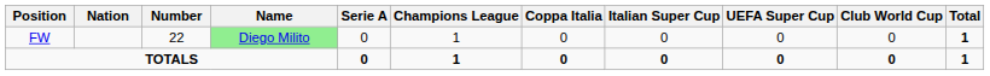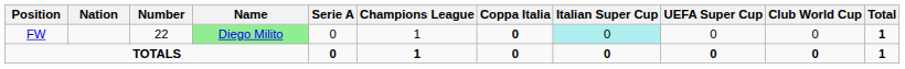 <table class="wikitable sortable" style="font-size: 95%; text-align: center;">
 <tr>
 <th width="7%"><strong>Position</strong></th>
 <th width="7%"><strong>Nation</strong></th>
 <th width="7%"><strong>Number</strong></th>
 <th width="13%"><strong>Name</strong></th>
 <th>Serie A</th>
 <th>Champions League</th>
 <th>Coppa Italia</th>
 <th>Italian Super Cup</th>
 <th>UEFA Super Cup</th>
 <th>Club World Cup</th>
 <th>Total</th>
 </tr>
 <tr>
 <td><a href='#'>FW</a></td>
 <td></td>
 <td>22</td>
 <td style="background: lightgreen;"><a href='#'>Diego Milito</a></td>
 <td>0 </td>
 <td>1 </td>
-<td>0 </td>
-<td>0 </td>
+<td><strong>0 </strong></td>
+<td style="background: paleturquoise;">0 </td>
 <td>0 </td>
 <td>0 </td>
 <td><strong>1</strong> </td>
 </tr>
 <tr>
 <td colspan="4"><strong>TOTALS</strong></td>
 <td><strong>0</strong> </td>
 <td><strong>1</strong> </td>
 <td><strong>0</strong> </td>
 <td><strong>0</strong> </td>
 <td><strong>0</strong> </td>
 <td><strong>0</strong> </td>
 <td><strong>1</strong> </td>
 </tr>
 </table>
